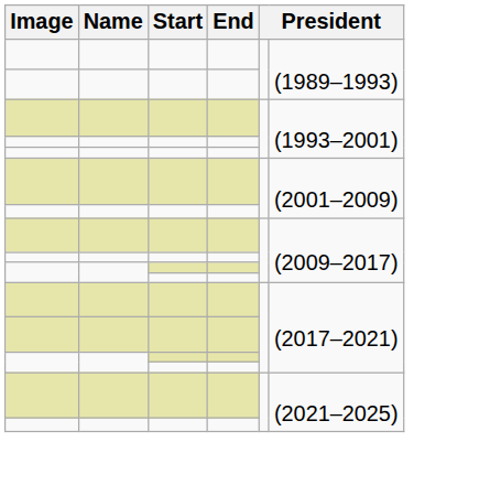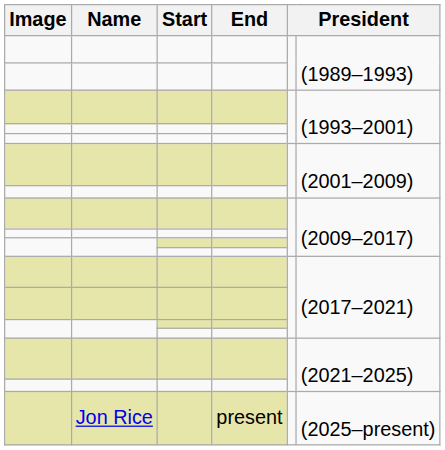 <table class="wikitable sortable">
 <tr>
 <th class=unsortable>Image</th>
 <th>Name</th>
 <th>Start</th>
 <th>End</th>
 <th colspan=2>President</th>
 </tr>
 <tr>
 <td></td>
 <td></td>
 <td></td>
 <td></td>
 <td rowspan=2 style="background: "></td>
 <td rowspan=2><br>(1989–1993)</td>
 </tr>
 <tr>
 <td></td>
 <td></td>
 <td></td>
 <td></td>
 </tr>
 <tr>
 <td style="background-color:#E6E6AA;"></td>
 <td style="background-color:#E6E6AA;"><br></td>
 <td style="background-color:#E6E6AA;"></td>
 <td style="background-color:#E6E6AA;"></td>
 <td rowspan=3 style="background: "></td>
 <td rowspan=3><br>(1993–2001)</td>
 </tr>
 <tr>
 <td></td>
 <td></td>
 <td></td>
 <td></td>
 </tr>
 <tr>
 <td></td>
 <td></td>
 <td></td>
 <td></td>
 </tr>
 <tr>
 <td style="background-color:#E6E6AA;"></td>
 <td style="background-color:#E6E6AA;"><br></td>
 <td style="background-color:#E6E6AA;"></td>
 <td style="background-color:#E6E6AA;"></td>
 <td rowspan=2 style="background: "></td>
 <td rowspan=2><br>(2001–2009)</td>
 </tr>
 <tr>
 <td></td>
 <td></td>
 <td></td>
 <td></td>
 </tr>
 <tr>
 <td style="background-color:#E6E6AA;"></td>
 <td style="background-color:#E6E6AA;"><br></td>
 <td style="background-color:#E6E6AA;"></td>
 <td style="background-color:#E6E6AA;"></td>
 <td rowspan=4 style="background: "></td>
 <td rowspan=4><br>(2009–2017)</td>
 </tr>
 <tr>
 <td></td>
 <td></td>
 <td></td>
 <td></td>
 </tr>
 <tr>
 <td rowspan=2></td>
 <td rowspan=2></td>
 <td style="background-color:#E6E6AA;"></td>
 <td style="background-color:#E6E6AA;"></td>
 </tr>
 <tr>
 <td></td>
 <td></td>
 </tr>
 <tr>
 <td style="background-color:#E6E6AA;"></td>
 <td style="background-color:#E6E6AA;"><br></td>
 <td style="background-color:#E6E6AA;"></td>
 <td style="background-color:#E6E6AA;"></td>
 <td rowspan=4 style="background: "></td>
 <td rowspan=4><br>(2017–2021)</td>
 </tr>
 <tr bgcolor="#e6e6aa">
 <td></td>
 <td><br></td>
 <td></td>
 <td></td>
 </tr>
 <tr>
 <td rowspan=2></td>
 <td rowspan=2></td>
 <td style="background-color:#E6E6AA;"></td>
 <td style="background-color:#E6E6AA;"></td>
 </tr>
 <tr>
 <td></td>
 <td></td>
 </tr>
 <tr>
 <td style="background-color:#E6E6AA;"></td>
 <td style="background-color:#E6E6AA;"><br></td>
 <td style="background-color:#E6E6AA;"></td>
 <td style="background-color:#E6E6AA;"></td>
 <td rowspan=2 style="background: "></td>
 <td rowspan=2><br>(2021–2025)</td>
 </tr>
 <tr>
 <td></td>
 <td></td>
 <td></td>
 <td></td>
 </tr>
+<tr>
+<td style="background-color:#E6E6AA;"></td>
+<td style="background-color:#E6E6AA;"><a href='#'>Jon Rice</a><br></td>
+<td style="background-color:#E6E6AA;"></td>
+<td style="background-color:#E6E6AA;">present</td>
+<td style="background: "></td>
+<td><br>(2025–present)</td>
+</tr>
 </table>
